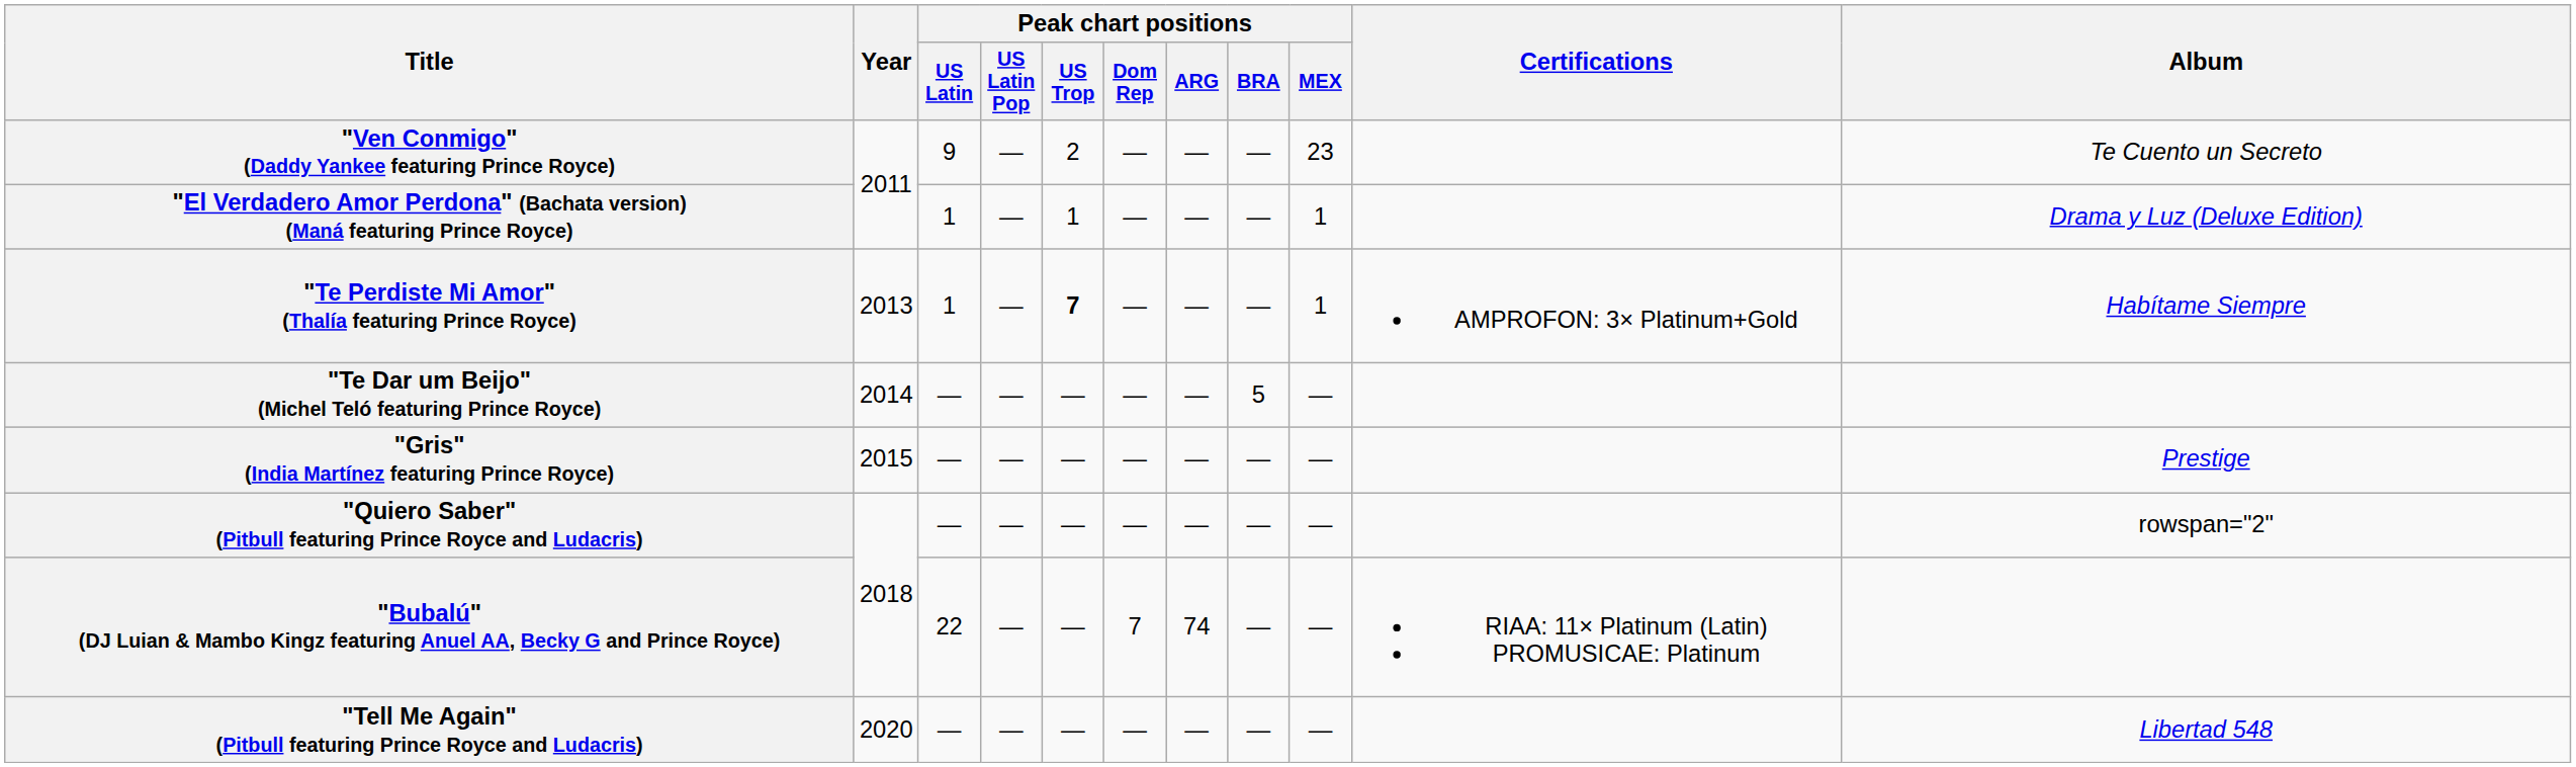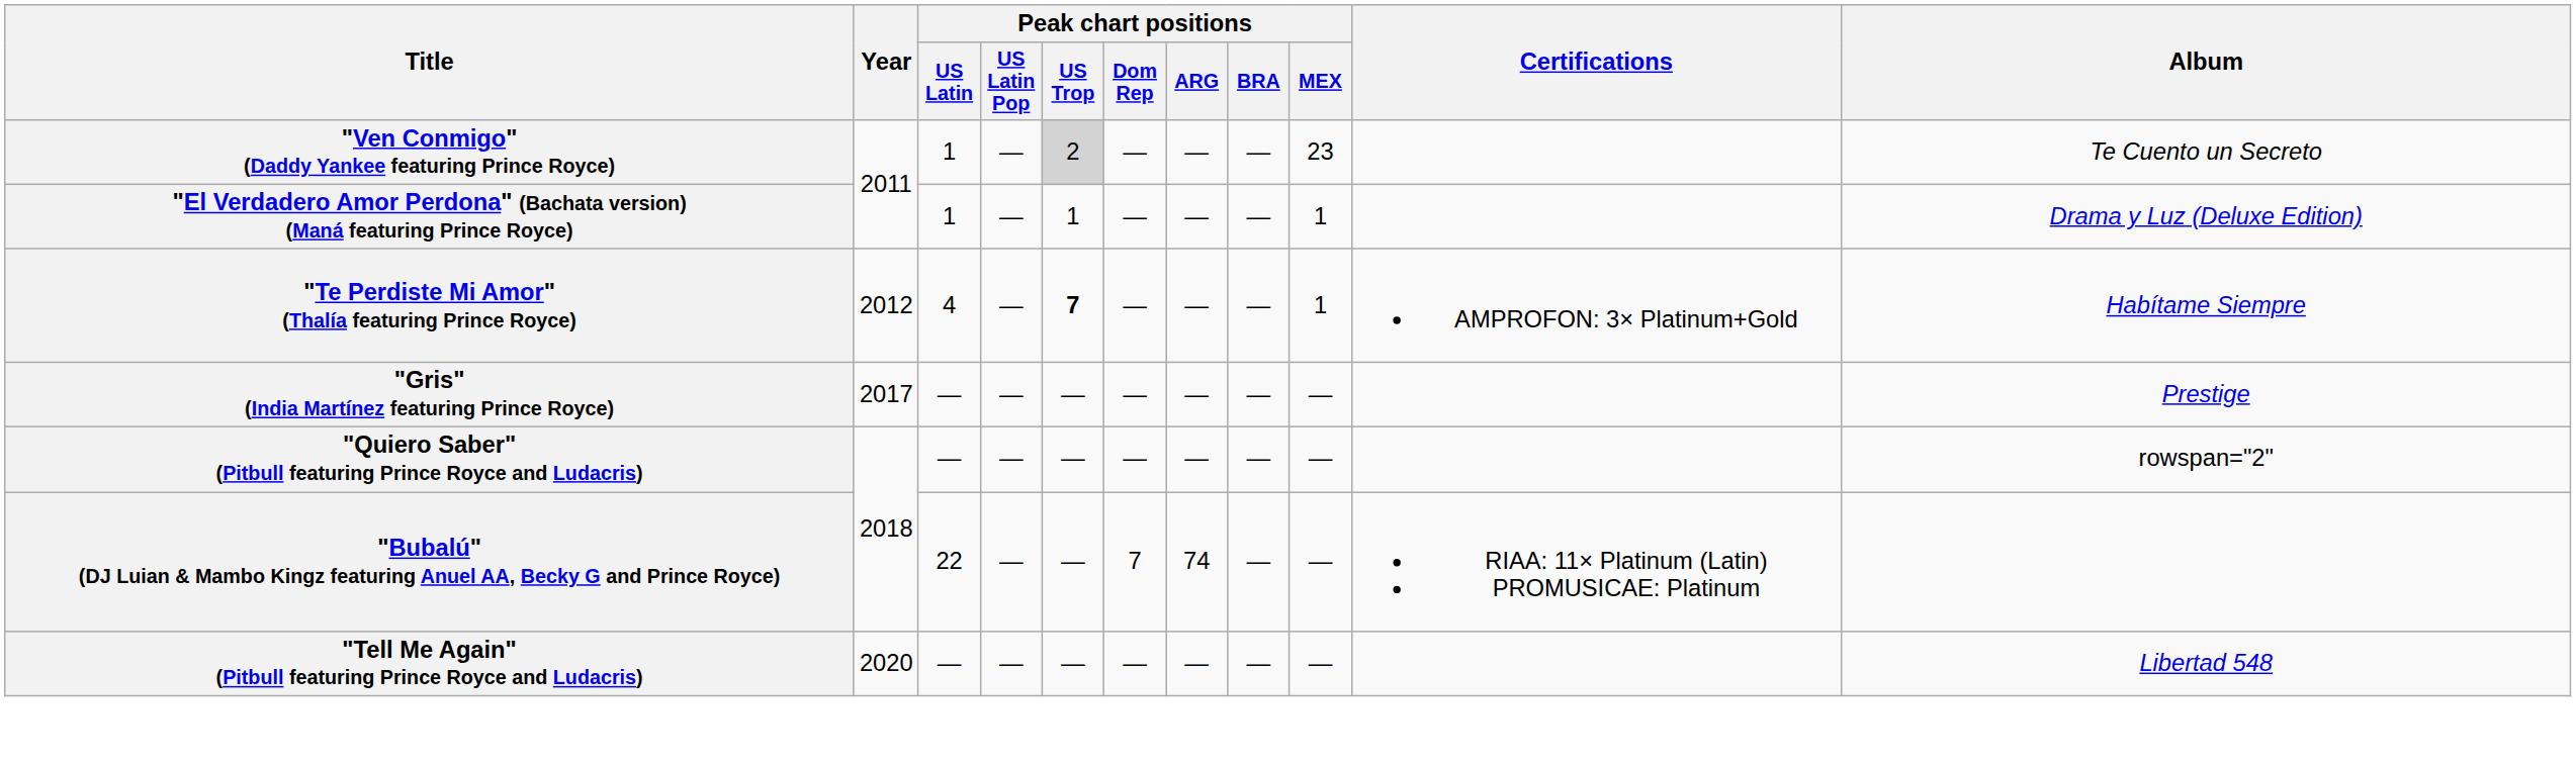 <table class="wikitable plainrowheaders" style="text-align:center;">
 <tr>
 <th rowspan="2" style="width:35em;">Title</th>
 <th rowspan="2">Year</th>
 <th colspan="7">Peak chart positions</th>
 <th rowspan="2" style="width:20em;"><a href='#'>Certifications</a></th>
 <th rowspan="2"style="width:30em;">Album</th>
 </tr>
 <tr style="font-size:smaller;">
 <th width="35"><a href='#'>US<br>Latin</a></th>
 <th width="35"><a href='#'>US <br>Latin Pop</a></th>
 <th width="35"><a href='#'>US<br>Trop</a></th>
 <th width="35"><a href='#'>Dom Rep</a><br></th>
 <th width="35"><a href='#'>ARG</a><br></th>
 <th width="35"><a href='#'>BRA</a><br></th>
 <th width="35"><a href='#'>MEX</a></th>
 </tr>
 <tr>
 <th scope="row">"<a href='#'>Ven Conmigo</a>" <br><small>(<a href='#'>Daddy Yankee</a> featuring Prince Royce)</small></th>
 <td rowspan="2">2011</td>
-<td>9</td>
+<td>1</td>
 <td>—</td>
-<td>2</td>
+<td style="background: lightgrey;">2</td>
 <td>—</td>
 <td>—</td>
 <td>—</td>
 <td>23</td>
 <td></td>
 <td><em>Te Cuento un Secreto</em></td>
 </tr>
 <tr>
 <th scope="row">"<a href='#'>El Verdadero Amor Perdona</a>" <small>(Bachata version)</small> <br><small>(<a href='#'>Maná</a> featuring Prince Royce)</small></th>
 <td>1</td>
 <td>—</td>
 <td>1</td>
 <td>—</td>
 <td>—</td>
 <td>—</td>
 <td>1</td>
 <td></td>
 <td><em><a href='#'>Drama y Luz (Deluxe Edition)</a></em></td>
 </tr>
 <tr>
 <th scope="row">"<a href='#'>Te Perdiste Mi Amor</a>" <br><small>(<a href='#'>Thalía</a> featuring Prince Royce)</small></th>
-<td>2013</td>
-<td>1</td>
+<td>2012</td>
+<td>4</td>
 <td>—</td>
 <td><strong>7</strong></td>
 <td>—</td>
 <td>—</td>
 <td>—</td>
 <td>1</td>
 <td><br><ul><li>AMPROFON: 3× Platinum+Gold</li></ul></td>
 <td><em><a href='#'>Habítame Siempre</a></em></td>
 </tr>
 <tr>
-<th scope="row">"Te Dar um Beijo" <br><small>(Michel Teló featuring Prince Royce)</small></th>
-<td>2014</td>
-<td>—</td>
-<td>—</td>
-<td>—</td>
-<td>—</td>
-<td>—</td>
-<td>5</td>
-<td>—</td>
-<td></td>
-<td></td>
-</tr>
-<tr>
 <th scope="row">"Gris" <br><small>(<a href='#'>India Martínez</a> featuring Prince Royce)</small></th>
-<td>2015</td>
+<td>2017</td>
 <td>—</td>
 <td>—</td>
 <td>—</td>
 <td>—</td>
 <td>—</td>
 <td>—</td>
 <td>—</td>
 <td></td>
 <td><em><a href='#'>Prestige</a></em></td>
 </tr>
 <tr>
 <th scope="row">"Quiero Saber" <br><small>(<a href='#'>Pitbull</a> featuring Prince Royce and <a href='#'>Ludacris</a>)</small></th>
 <td rowspan="2">2018</td>
 <td>—</td>
 <td>—</td>
 <td>—</td>
 <td>—</td>
 <td>—</td>
 <td>—</td>
 <td>—</td>
 <td></td>
 <td>rowspan="2" </td>
 </tr>
 <tr>
 <th scope="row">"<a href='#'>Bubalú</a>" <br><small>(DJ Luian & Mambo Kingz featuring <a href='#'>Anuel AA</a>, <a href='#'>Becky G</a> and Prince Royce)</small></th>
 <td>22</td>
 <td>—</td>
 <td>—</td>
 <td>7</td>
 <td>74</td>
 <td>—</td>
 <td>—</td>
 <td><br><ul><li>RIAA: 11× Platinum (Latin)</li><li>PROMUSICAE: Platinum</li></ul></td>
 </tr>
 <tr>
 <th scope="row">"Tell Me Again" <br><small>(<a href='#'>Pitbull</a> featuring Prince Royce and <a href='#'>Ludacris</a>)</small></th>
 <td>2020</td>
 <td>—</td>
 <td>—</td>
 <td>—</td>
 <td>—</td>
 <td>—</td>
 <td>—</td>
 <td>—</td>
 <td></td>
 <td><em><a href='#'>Libertad 548</a></em></td>
 </tr>
 </table>
